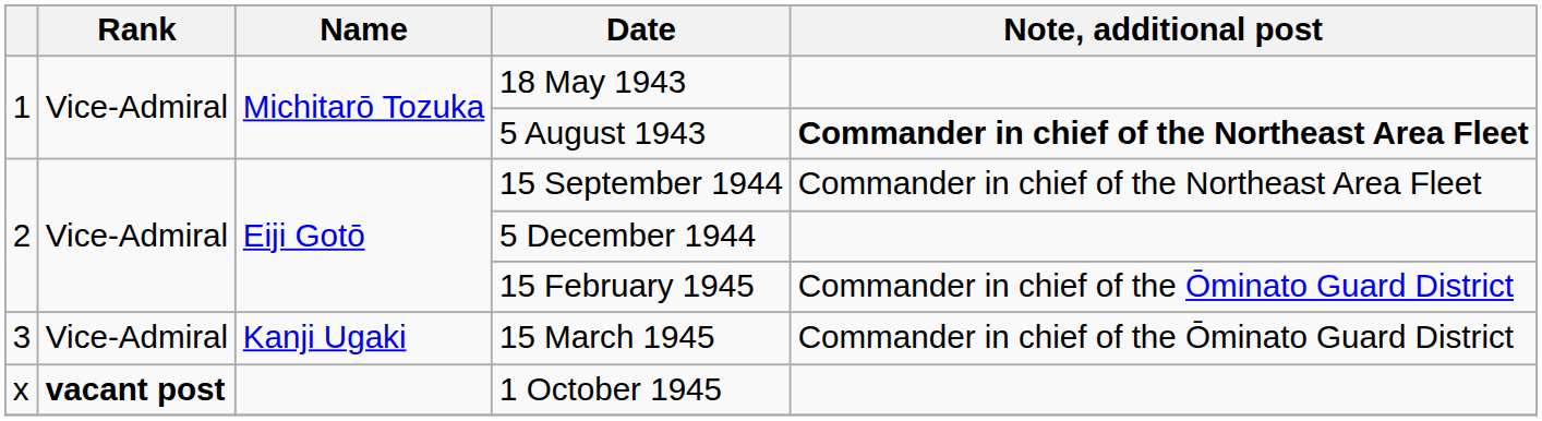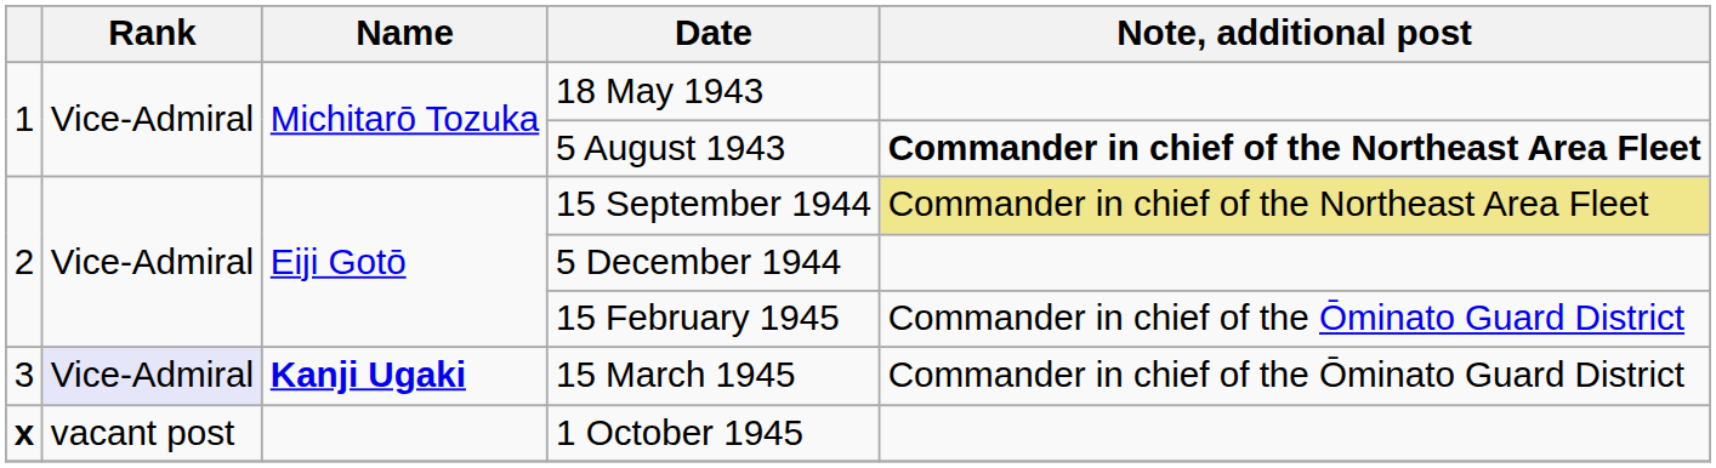 <table class=wikitable>
 <tr>
 <th></th>
 <th>Rank</th>
 <th>Name</th>
 <th>Date</th>
 <th>Note, additional post</th>
 </tr>
 <tr>
 <td rowspan="2">1</td>
 <td rowspan="2">Vice-Admiral</td>
 <td rowspan="2"><a href='#'>Michitarō Tozuka</a></td>
 <td>18 May 1943</td>
 <td></td>
 </tr>
 <tr>
 <td>5 August 1943</td>
 <td><strong>Commander in chief of the Northeast Area Fleet</strong></td>
 </tr>
 <tr>
 <td rowspan="3">2</td>
 <td rowspan="3">Vice-Admiral</td>
 <td rowspan="3"><a href='#'>Eiji Gotō</a></td>
 <td>15 September 1944</td>
-<td>Commander in chief of the Northeast Area Fleet</td>
+<td style="background: khaki;">Commander in chief of the Northeast Area Fleet</td>
 </tr>
 <tr>
 <td>5 December 1944</td>
 <td></td>
 </tr>
 <tr>
 <td>15 February 1945</td>
 <td>Commander in chief of the <a href='#'>Ōminato Guard District</a></td>
 </tr>
 <tr>
 <td>3</td>
-<td>Vice-Admiral</td>
-<td><a href='#'>Kanji Ugaki</a></td>
+<td style="background: lavender;">Vice-Admiral</td>
+<td><strong><a href='#'>Kanji Ugaki</a></strong></td>
 <td>15 March 1945</td>
 <td>Commander in chief of the Ōminato Guard District</td>
 </tr>
 <tr>
-<td>x</td>
-<td><strong>vacant post</strong></td>
+<td><strong>x</strong></td>
+<td>vacant post</td>
 <td></td>
 <td>1 October 1945</td>
 <td></td>
 </tr>
 <tr>
 </tr>
 </table>
